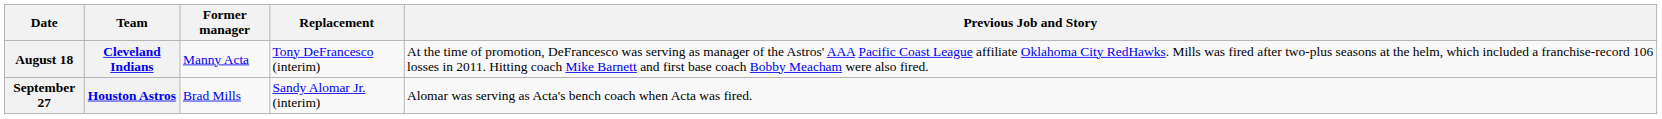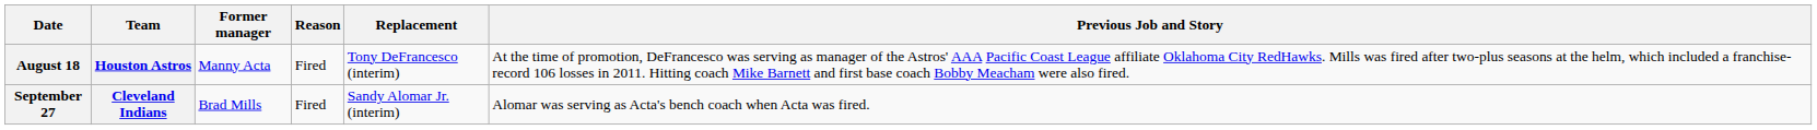 <table class="wikitable" style="font-size=:95%;">
 <tr>
 <th>Date</th>
 <th>Team</th>
 <th>Former manager</th>
+<th>Reason</th>
 <th>Replacement</th>
 <th>Previous Job and Story</th>
 </tr>
 <tr>
 <th>August 18</th>
-<th><a href='#'>Cleveland Indians</a></th>
+<th><a href='#'>Houston Astros</a></th>
 <td><a href='#'>Manny Acta</a></td>
+<td>Fired</td>
 <td><a href='#'>Tony DeFrancesco</a> (interim)</td>
 <td>At the time of promotion, DeFrancesco was serving as manager of the Astros' <a href='#'>AAA</a> <a href='#'>Pacific Coast League</a> affiliate <a href='#'>Oklahoma City RedHawks</a>. Mills was fired after two-plus seasons at the helm, which included a franchise-record 106 losses in 2011. Hitting coach <a href='#'>Mike Barnett</a> and first base coach <a href='#'>Bobby Meacham</a> were also fired.</td>
 </tr>
 <tr>
 <th>September 27</th>
-<th><a href='#'>Houston Astros</a></th>
+<th><a href='#'>Cleveland Indians</a></th>
 <td><a href='#'>Brad Mills</a></td>
+<td>Fired</td>
 <td><a href='#'>Sandy Alomar Jr.</a> (interim)</td>
 <td>Alomar was serving as Acta's bench coach when Acta was fired.</td>
 </tr>
 </table>
